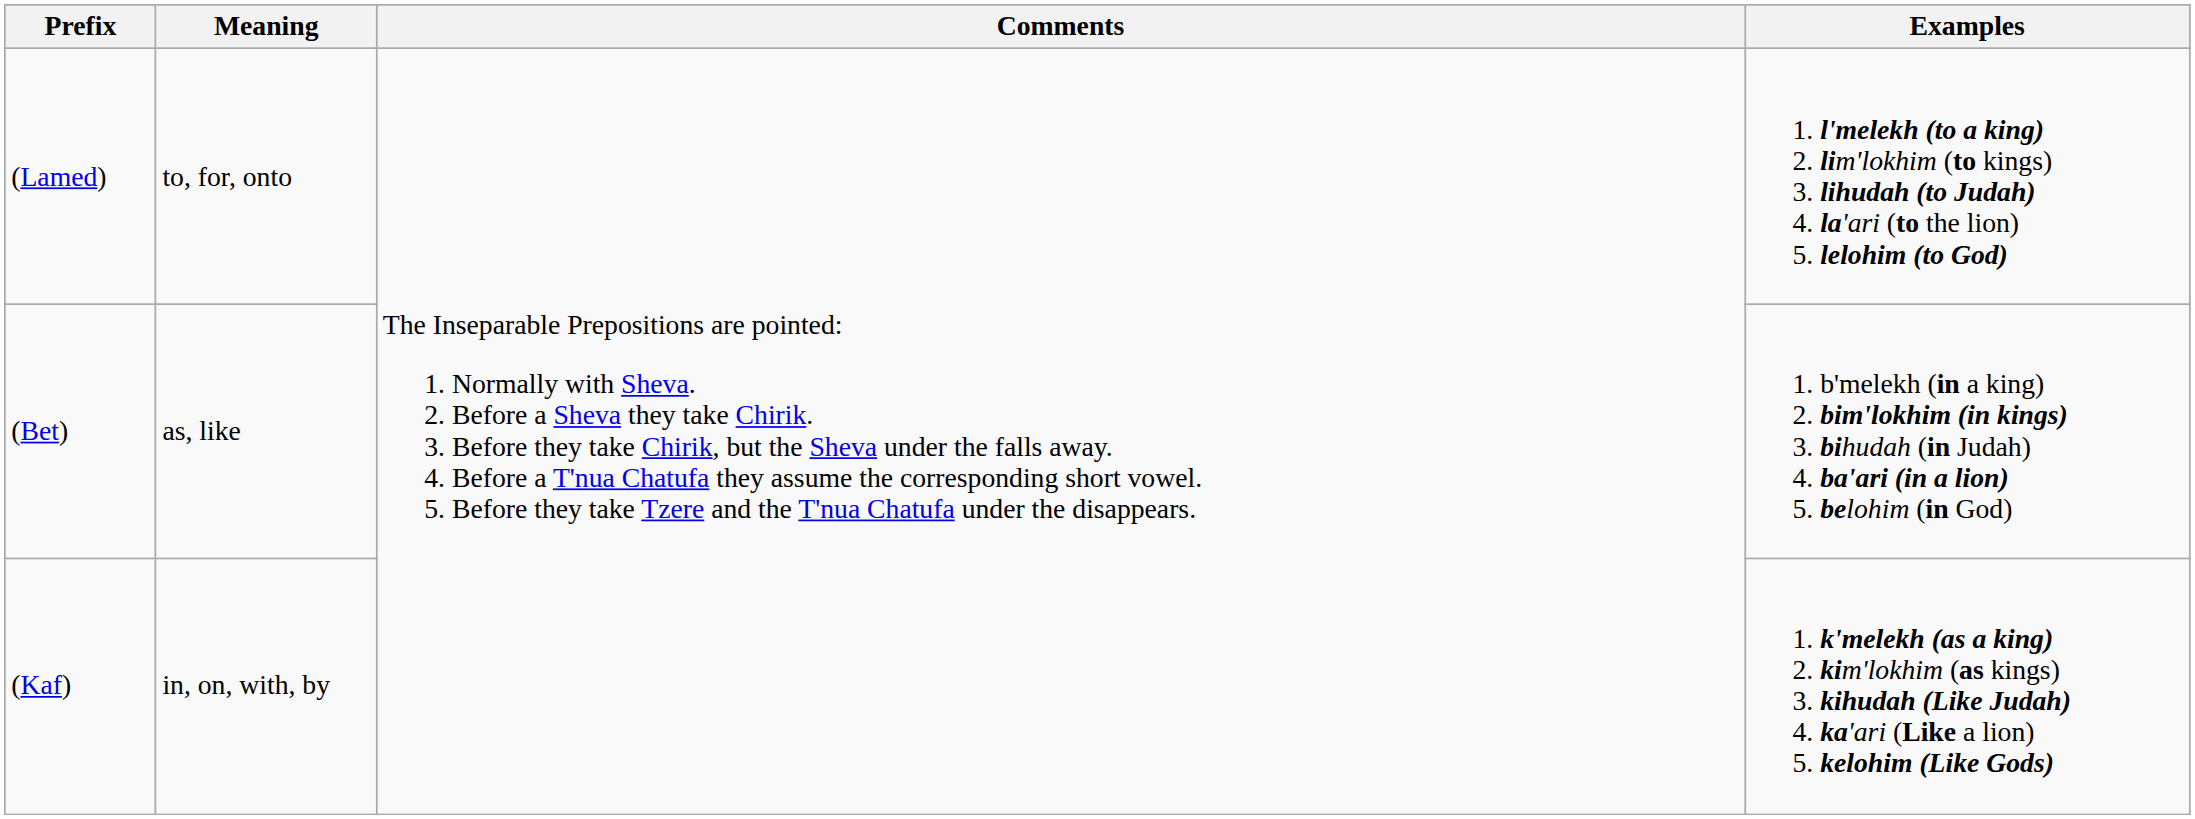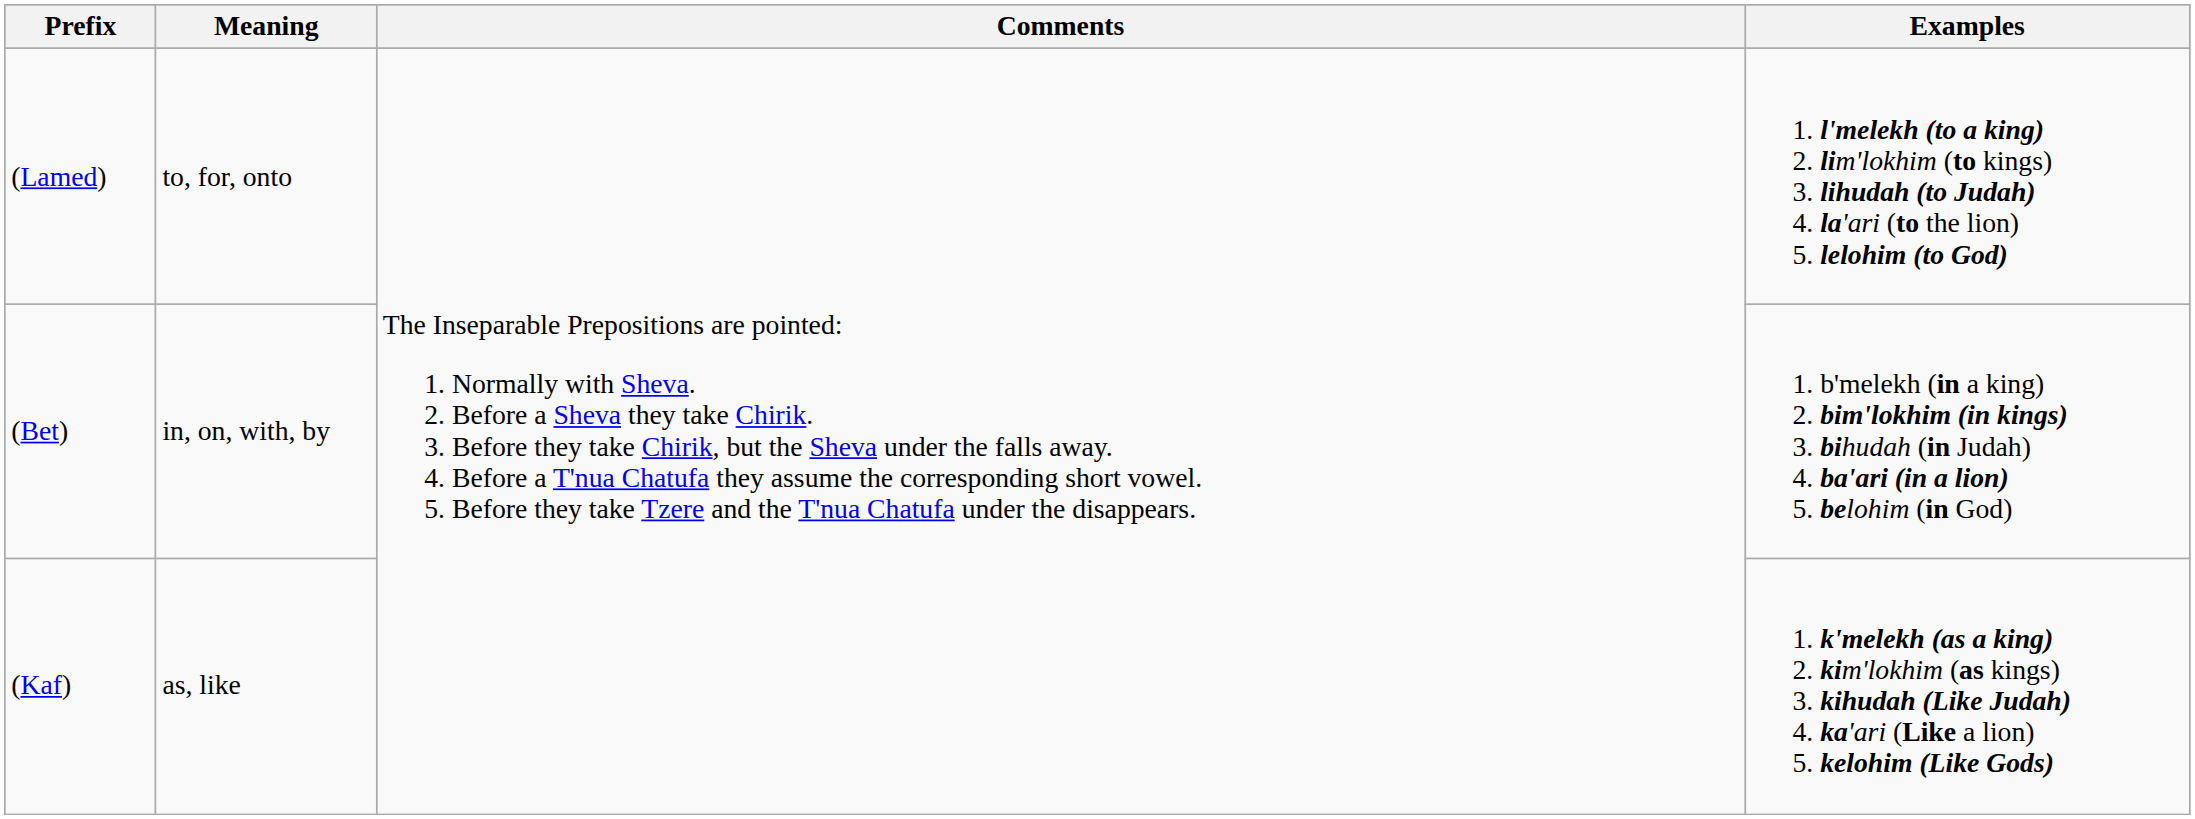 <table class="wikitable" style="width:100%;">
 <tr>
 <th width="80">Prefix</th>
 <th width="120">Meaning</th>
 <th>Comments</th>
 <th width="250">Examples</th>
 </tr>
 <tr style="height:50px">
 <td> (<a href='#'>Lamed</a>)</td>
 <td>to, for, onto</td>
 <td rowspan="3">The Inseparable Prepositions are pointed:<br><ol><li>Normally with <a href='#'>Sheva</a>.</li><li>Before a <a href='#'>Sheva</a> they take <a href='#'>Chirik</a>.</li><li>Before  they take <a href='#'>Chirik</a>, but the <a href='#'>Sheva</a> under the  falls away.</li><li>Before a <a href='#'>T'nua Chatufa</a> they assume the corresponding short vowel.</li><li>Before  they take <a href='#'>Tzere</a> and the <a href='#'>T'nua Chatufa</a> under the  disappears.</li></ol></td>
 <td><br><ol><li> <strong><em>l<strong>'melekh<em> (</strong>to<strong> a king)</li><li> </em></strong>li</strong>m'lokhim</em> (<strong>to</strong> kings)</li><li> <strong><em>li<strong>hudah<em> (</strong>to<strong> Judah)</li><li> </em></strong>la</strong>'ari</em> (<strong>to</strong> the lion)</li><li> <strong><em>le<strong>lohim<em> (</strong>to<strong> God)</li></ol></td>
 </tr>
 <tr style="height:50px">
 <td> (<a href='#'>Bet</a>)</td>
-<td>as, like</td>
+<td>in, on, with, by</td>
 <td><br><ol><li> </em></strong>b</strong>'melekh</em> (<strong>in</strong> a king)</li><li> <strong><em>bi<strong>m'lokhim<em> (</strong>in<strong> kings)</li><li> </em></strong>bi</strong>hudah</em> (<strong>in</strong> Judah)</li><li> <strong><em>ba<strong>'ari<em> (</strong>in<strong> a lion)</li><li> </em></strong>be</strong>lohim</em> (<strong>in</strong> God)</li></ol></td>
 </tr>
 <tr style="height:50px">
 <td> (<a href='#'>Kaf</a>)</td>
-<td>in, on, with, by</td>
+<td>as, like</td>
 <td><br><ol><li> <strong><em>k<strong>'melekh<em> (</strong>as<strong> a king)</li><li> </em></strong>ki</strong>m'lokhim</em> (<strong>as</strong> kings)</li><li> <strong><em>ki<strong>hudah<em> (</strong>Like<strong> Judah)</li><li> </em></strong>ka</strong>'ari</em> (<strong>Like</strong> a lion)</li><li> <strong><em>ke<strong>lohim<em> (</strong>Like<strong> Gods)</li></ol></td>
 </tr>
 </table>
